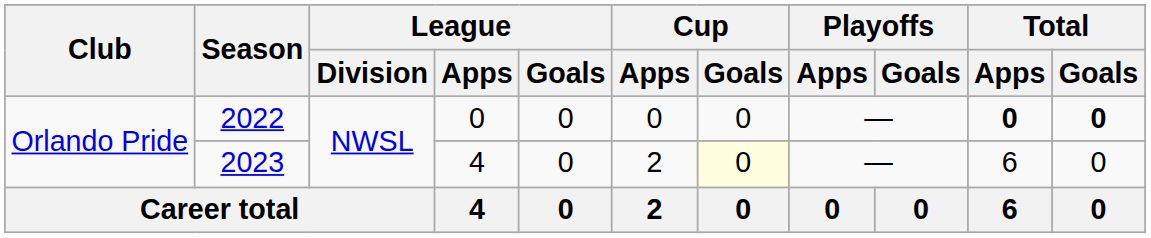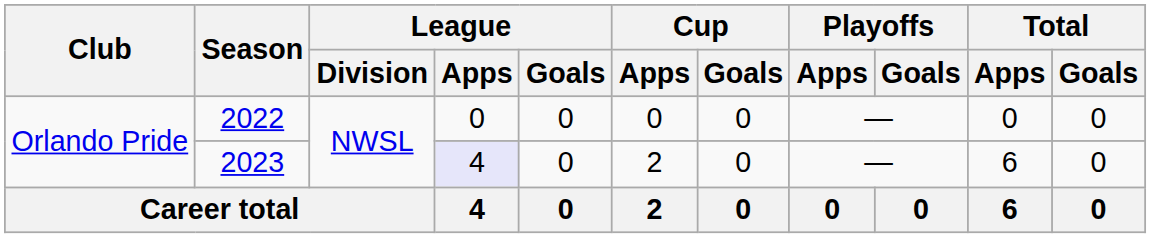 <table class="wikitable" style="text-align: center;">
 <tr>
 <th rowspan="2">Club</th>
 <th rowspan="2">Season</th>
 <th colspan="3">League</th>
 <th colspan="2">Cup</th>
 <th colspan="2">Playoffs</th>
 <th colspan="2">Total</th>
 </tr>
 <tr>
 <th>Division</th>
 <th>Apps</th>
 <th>Goals</th>
 <th>Apps</th>
 <th>Goals</th>
 <th>Apps</th>
 <th>Goals</th>
 <th>Apps</th>
 <th>Goals</th>
 </tr>
 <tr>
 <td rowspan="2"><a href='#'>Orlando Pride</a></td>
 <td><a href='#'>2022</a></td>
 <td rowspan="2"><a href='#'>NWSL</a></td>
 <td>0</td>
 <td>0</td>
 <td>0</td>
 <td>0</td>
 <td colspan="2">—</td>
-<td><strong>0</strong></td>
-<td><strong>0</strong></td>
+<td>0</td>
+<td>0</td>
 </tr>
 <tr>
 <td><a href='#'>2023</a></td>
-<td>4</td>
+<td style="background: lavender;">4</td>
 <td>0</td>
 <td>2</td>
-<td style="background: lightyellow;">0</td>
+<td>0</td>
 <td colspan="2">—</td>
 <td>6</td>
 <td>0</td>
 </tr>
 <tr>
 <th colspan="3">Career total</th>
 <th>4</th>
 <th>0</th>
 <th>2</th>
 <th>0</th>
 <th>0</th>
 <th>0</th>
 <th>6</th>
 <th>0</th>
 </tr>
 </table>
